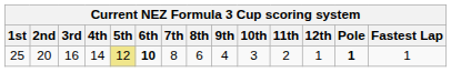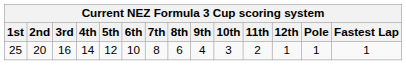 <table class="wikitable">
 <tr>
 <th colspan="14">Current NEZ Formula 3 Cup scoring system</th>
 </tr>
 <tr>
 <th>1st</th>
 <th>2nd</th>
 <th>3rd</th>
 <th>4th</th>
 <th>5th</th>
 <th>6th</th>
 <th>7th</th>
 <th>8th</th>
 <th>9th</th>
 <th>10th</th>
 <th>11th</th>
 <th>12th</th>
 <th>Pole</th>
 <th>Fastest Lap</th>
 </tr>
 <tr align="center">
 <td>25</td>
 <td>20</td>
 <td>16</td>
 <td>14</td>
-<td style="background: khaki;">12</td>
-<td><strong>10</strong></td>
+<td>12</td>
+<td>10</td>
 <td>8</td>
 <td>6</td>
 <td>4</td>
 <td>3</td>
 <td>2</td>
 <td>1</td>
-<td><strong>1</strong></td>
+<td>1</td>
 <td>1</td>
 </tr>
 </table>
